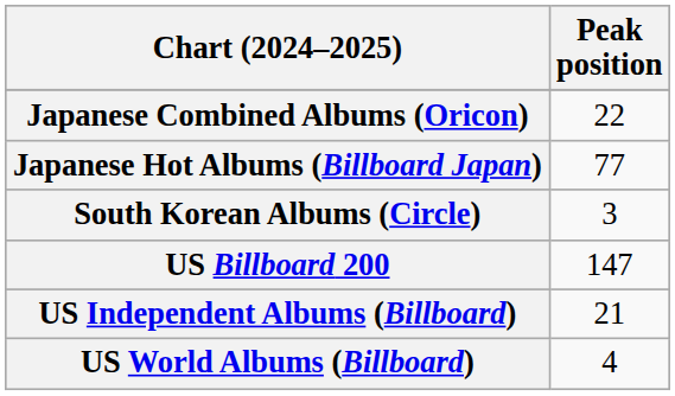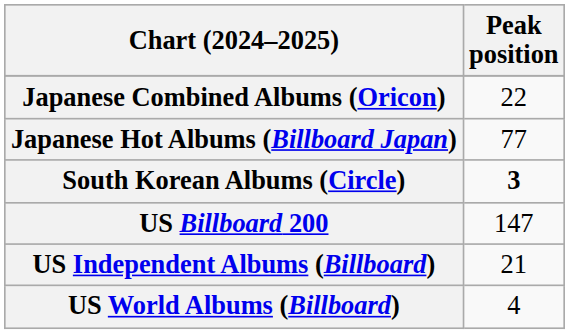 <table class="wikitable sortable plainrowheaders" style="text-align:center">
 <tr>
 <th scope="col">Chart (2024–2025)</th>
 <th scope="col">Peak<br>position</th>
 </tr>
 <tr>
 </tr>
 <tr>
 <th scope="row">Japanese Combined Albums (<a href='#'>Oricon</a>)</th>
 <td>22</td>
 </tr>
 <tr>
 <th scope="row">Japanese Hot Albums (<em><a href='#'>Billboard Japan</a></em>)</th>
 <td>77</td>
 </tr>
 <tr>
 <th scope="row">South Korean Albums (<a href='#'>Circle</a>)</th>
-<td>3</td>
+<td><strong>3</strong></td>
 </tr>
 <tr>
 <th scope="row">US <a href='#'><em>Billboard</em> 200</a></th>
 <td>147</td>
 </tr>
 <tr>
 <th scope="row">US <a href='#'>Independent Albums</a> (<em><a href='#'>Billboard</a></em>)</th>
 <td>21</td>
 </tr>
 <tr>
 <th scope="row">US <a href='#'>World Albums</a> (<em><a href='#'>Billboard</a></em>)</th>
 <td>4</td>
 </tr>
 </table>
